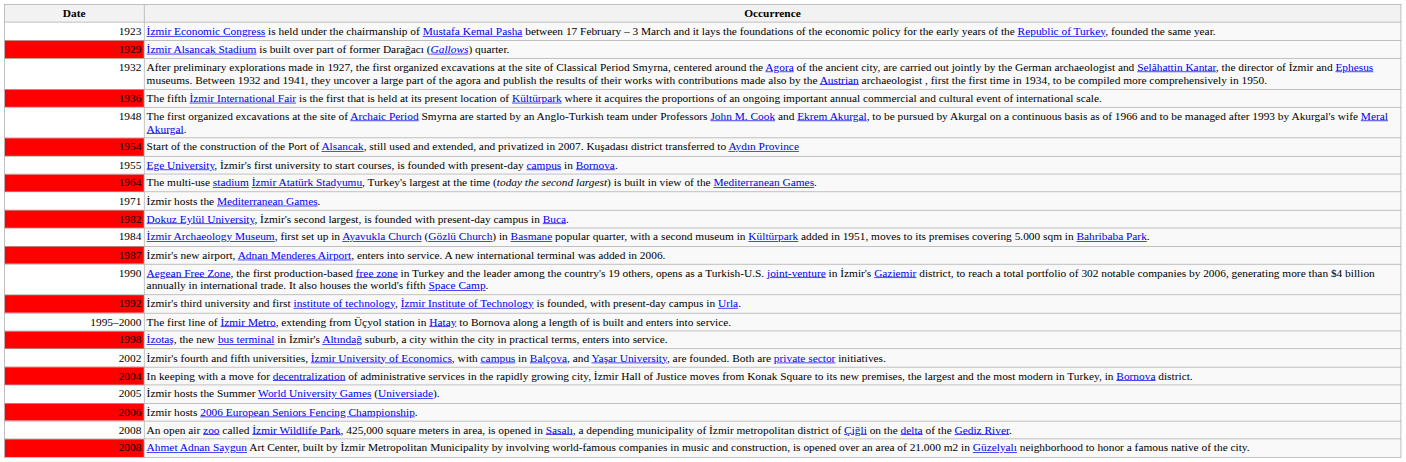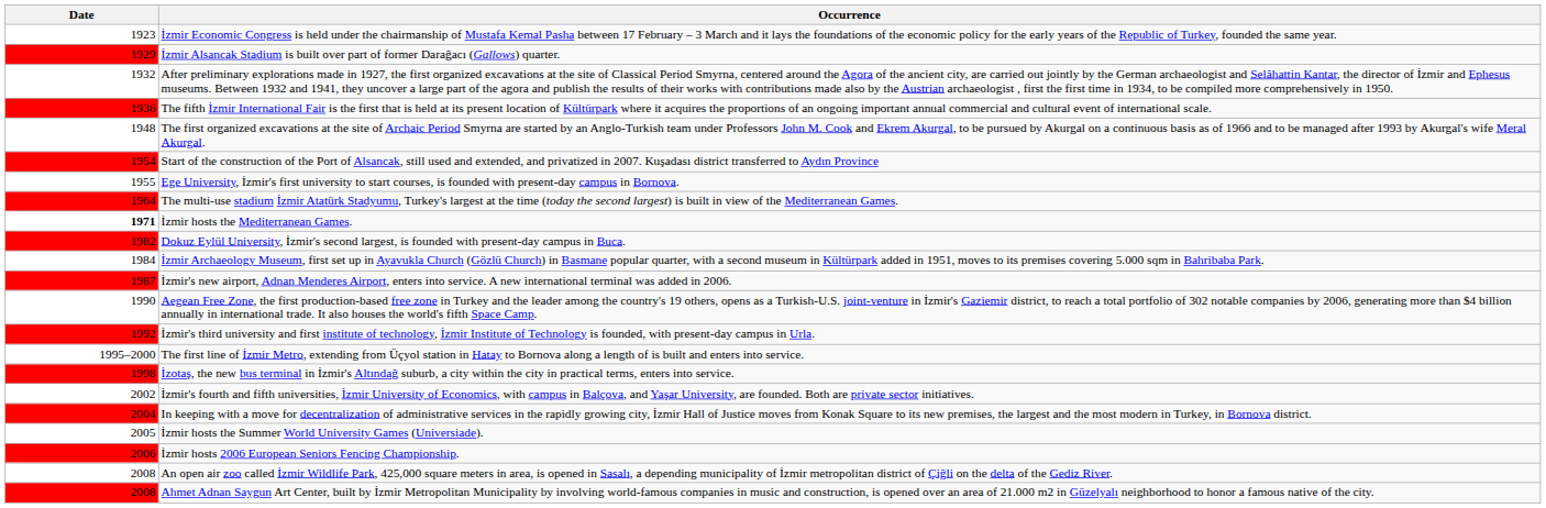 <table class="wikitable">
 <tr>
 <th width="10%"><strong>Date</strong></th>
 <th><strong>Occurrence</strong></th>
 </tr>
 <tr>
 <td valign="top" align="right" style="background:White">1923</td>
 <td><a href='#'>İzmir Economic Congress</a> is held under the chairmanship of <a href='#'>Mustafa Kemal Pasha</a> between 17 February – 3 March and it lays the foundations of the economic policy for the early years of the <a href='#'>Republic of Turkey</a>, founded the same year.</td>
 </tr>
 <tr>
 <td valign="top" align="right" style="background:Red">1929</td>
 <td><a href='#'>İzmir Alsancak Stadium</a> is built over part of former Darağacı (<em><a href='#'>Gallows</a></em>) quarter.</td>
 </tr>
 <tr>
 <td valign="top" align="right" style="background:White">1932</td>
 <td>After preliminary explorations made in 1927, the first organized excavations at the site of Classical Period Smyrna, centered around the <a href='#'>Agora</a> of the ancient city, are carried out jointly by the German archaeologist  and <a href='#'>Selâhattin Kantar</a>, the director of İzmir and <a href='#'>Ephesus</a> museums. Between 1932 and 1941, they uncover a large part of the agora and publish the results of their works with contributions made also by the <a href='#'>Austrian</a> archaeologist , first the first time in 1934, to be compiled more comprehensively in 1950.</td>
 </tr>
 <tr>
 <td valign="top" align="right" style="background:Red">1936</td>
 <td>The fifth <a href='#'>İzmir International Fair</a> is the first that is held at its present location of <a href='#'>Kültürpark</a> where it acquires the proportions of an ongoing important annual commercial and cultural event of international scale.</td>
 </tr>
 <tr>
 <td valign="top" align="right" style="background:White">1948</td>
 <td>The first organized excavations at the site of <a href='#'>Archaic Period</a> Smyrna are started by an Anglo-Turkish team under Professors <a href='#'>John M. Cook</a> and <a href='#'>Ekrem Akurgal</a>, to be pursued by Akurgal on a continuous basis as of 1966 and to be managed after 1993 by Akurgal's wife <a href='#'>Meral Akurgal</a>.</td>
 </tr>
 <tr>
 <td valign="top" align="right" style="background:Red">1954</td>
 <td>Start of the construction of the Port of <a href='#'>Alsancak</a>, still used and extended, and privatized in 2007. Kuşadası district transferred to <a href='#'>Aydın Province</a></td>
 </tr>
 <tr>
 <td valign="top" align="right" style="background:White">1955</td>
 <td><a href='#'>Ege University</a>, İzmir's first university to start courses, is founded with present-day <a href='#'>campus</a> in <a href='#'>Bornova</a>.</td>
 </tr>
 <tr>
 <td valign="top" align="right" style="background:Red">1964</td>
 <td>The multi-use <a href='#'>stadium</a> <a href='#'>İzmir Atatürk Stadyumu</a>, Turkey's largest at the time (<em>today the second largest</em>) is built in view of the <a href='#'>Mediterranean Games</a>.</td>
 </tr>
 <tr>
-<td valign="top" align="right" style="background:White">1971</td>
+<td valign="top" align="right" style="background:White"><strong>1971</strong></td>
 <td>İzmir hosts the <a href='#'>Mediterranean Games</a>.</td>
 </tr>
 <tr>
 <td valign="top" align="right" style="background:Red">1982</td>
 <td><a href='#'>Dokuz Eylül University</a>, İzmir's second largest, is founded with present-day campus in <a href='#'>Buca</a>.</td>
 </tr>
 <tr>
 <td valign="top" align="right" style="background:White">1984</td>
 <td><a href='#'>İzmir Archaeology Museum</a>, first set up in <a href='#'>Ayavukla Church</a> (<a href='#'>Gözlü Church</a>) in <a href='#'>Basmane</a> popular quarter, with a second museum in <a href='#'>Kültürpark</a> added in 1951, moves to its premises covering 5.000 sqm in <a href='#'>Bahribaba Park</a>.</td>
 </tr>
 <tr>
 <td valign="top" align="right" style="background:Red">1987</td>
 <td>İzmir's new airport, <a href='#'>Adnan Menderes Airport</a>, enters into service. A new international terminal was added in 2006.</td>
 </tr>
 <tr>
 <td valign="top" align="right" style="background:White">1990</td>
 <td><a href='#'>Aegean Free Zone</a>, the first production-based <a href='#'>free zone</a> in Turkey and the leader among the country's 19 others, opens as a Turkish-U.S. <a href='#'>joint-venture</a> in İzmir's <a href='#'>Gaziemir</a> district, to reach a total portfolio of 302 notable companies by 2006, generating more than $4 billion annually in international trade. It also houses the world's fifth <a href='#'>Space Camp</a>.</td>
 </tr>
 <tr>
 <td valign="top" align="right" style="background:Red">1992</td>
 <td>İzmir's third university and first <a href='#'>institute of technology</a>, <a href='#'>İzmir Institute of Technology</a> is founded, with present-day campus in <a href='#'>Urla</a>.</td>
 </tr>
 <tr>
 <td valign="top" align="right" style="background:White">1995–2000</td>
 <td>The first line of <a href='#'>İzmir Metro</a>, extending from Üçyol station in <a href='#'>Hatay</a> to Bornova along a length of  is built and enters into service.</td>
 </tr>
 <tr>
 <td valign="top" align="right" style="background:Red">1998</td>
 <td><a href='#'>İzotaş</a>, the new <a href='#'>bus terminal</a> in İzmir's <a href='#'>Altındağ</a> suburb, a city within the city in practical terms, enters into service.</td>
 </tr>
 <tr>
 <td valign="top" align="right" style="background:White">2002</td>
 <td>İzmir's fourth and fifth universities, <a href='#'>İzmir University of Economics</a>, with <a href='#'>campus</a> in <a href='#'>Balçova</a>, and <a href='#'>Yaşar University</a>, are founded. Both are <a href='#'>private sector</a> initiatives.</td>
 </tr>
 <tr>
 <td valign="top" align="right" style="background:Red">2004</td>
 <td>In keeping with a move for <a href='#'>decentralization</a> of administrative services in the rapidly growing city, İzmir Hall of Justice moves from Konak Square to its new premises, the largest and the most modern in Turkey, in <a href='#'>Bornova</a> district.<br></td>
 </tr>
 <tr>
 <td valign="top" align="right" style="background:White">2005</td>
 <td>İzmir hosts the Summer <a href='#'>World University Games</a> (<a href='#'>Universiade</a>).</td>
 </tr>
 <tr>
 <td valign="top" align="right" style="background:Red">2006</td>
 <td>İzmir hosts <a href='#'>2006 European Seniors Fencing Championship</a>.</td>
 </tr>
 <tr>
 <td valign="top" align="right" style="background:White">2008</td>
 <td>An open air <a href='#'>zoo</a> called <a href='#'>İzmir Wildlife Park</a>, 425,000 square meters in area, is opened in <a href='#'>Sasalı</a>, a depending municipality of İzmir metropolitan district of <a href='#'>Çiğli</a> on the <a href='#'>delta</a> of the <a href='#'>Gediz River</a>.</td>
 </tr>
 <tr>
 <td valign="top" align="right" style="background:Red">2008</td>
 <td><a href='#'>Ahmet Adnan Saygun</a> Art Center, built by İzmir Metropolitan Municipality by involving world-famous companies in music and construction, is opened over an area of 21.000 m2 in <a href='#'>Güzelyalı</a> neighborhood to honor a famous native of the city.</td>
 </tr>
 </table>
